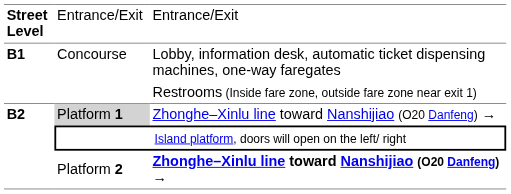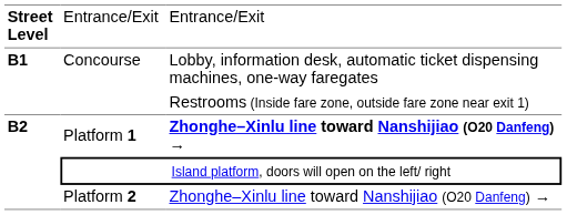 <table table border=0 cellspacing=0 cellpadding=3>
 <tr>
 <td style="border-bottom:solid 1px gray;border-top:solid 1px gray;" width=50 valign=top><strong>Street Level</strong></td>
 <td style="border-top:solid 1px gray;border-bottom:solid 1px gray;" width=100 valign=top>Entrance/Exit</td>
 <td style="border-top:solid 1px gray;border-bottom:solid 1px gray;" width=390 valign=top>Entrance/Exit</td>
 </tr>
 <tr>
 <td style="border-bottom:solid 1px gray;" rowspan=2 valign=top><strong>B1</strong></td>
 <td style="border-bottom:solid 1px gray;" rowspan=2 valign=top>Concourse</td>
 <td width=390>Lobby, information desk, automatic ticket dispensing machines, one-way faregates</td>
 </tr>
 <tr>
 <td style="border-bottom:solid 1px gray;">Restrooms<small> (Inside fare zone, outside fare zone near exit 1)</small></td>
 </tr>
 <tr>
 <td style="border-bottom:solid 1px gray;" rowspan=3 valign=top><strong>B2</strong></td>
-<td style="background: lightgrey;">Platform <span><strong>1</strong></span></td>
-<td> <a href='#'>Zhonghe–Xinlu line</a> toward <a href='#'>Nanshijiao</a> <small>(O20 <a href='#'>Danfeng</a>)</small> →</td>
+<td>Platform <span><strong>1</strong></span></td>
+<td><strong> <a href='#'>Zhonghe–Xinlu line</a> toward <a href='#'>Nanshijiao</a> <small>(O20 <a href='#'>Danfeng</a>)</small> →</strong></td>
 </tr>
 <tr>
 <td style="border-top:solid 2px black;border-right:solid 2px black;border-left:solid 2px black;border-bottom:solid 2px black;text-align:center;" colspan=2><small><a href='#'>Island platform</a>, doors will open on the left/ right</small></td>
 </tr>
 <tr>
 <td style="border-bottom:solid 1px gray;">Platform <span><strong>2</strong></span></td>
-<td style="border-bottom:solid 1px gray;"><strong> <a href='#'>Zhonghe–Xinlu line</a> toward <a href='#'>Nanshijiao</a> <small>(O20 <a href='#'>Danfeng</a>)</small> →</strong></td>
+<td style="border-bottom:solid 1px gray;"> <a href='#'>Zhonghe–Xinlu line</a> toward <a href='#'>Nanshijiao</a> <small>(O20 <a href='#'>Danfeng</a>)</small> →</td>
 </tr>
 </table>
